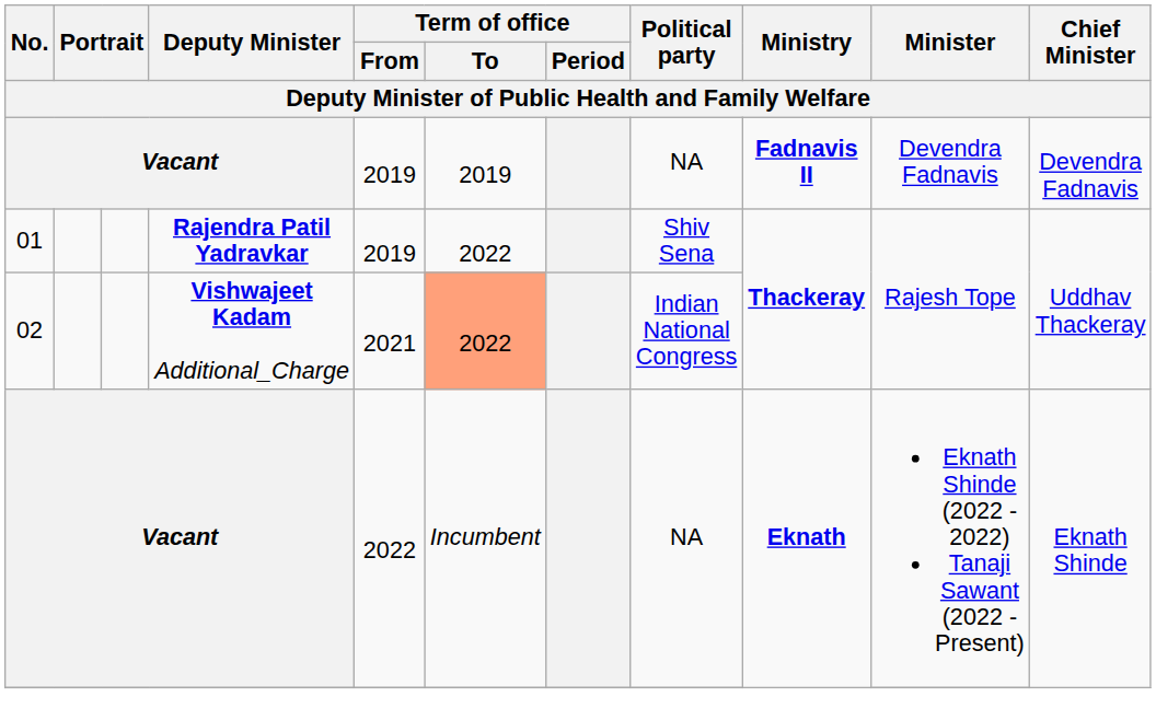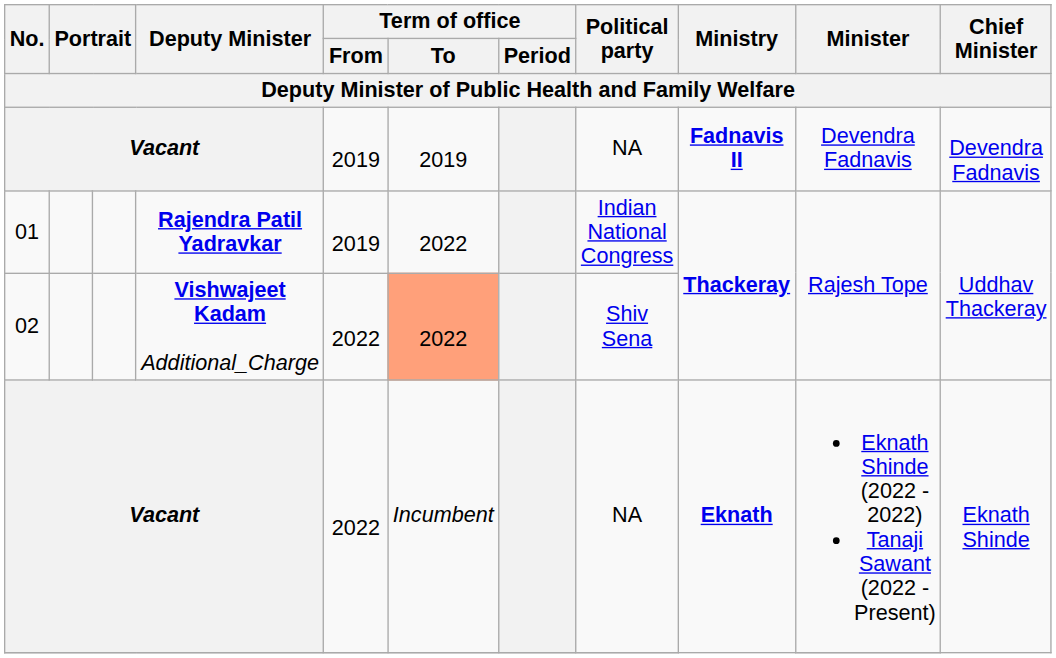 <table class="wikitable" style="text-align:center">
 <tr>
 <th rowspan="2">No.</th>
 <th rowspan="2" colspan="2">Portrait</th>
 <th rowspan="2" style="width:16em">Deputy Minister<br></th>
 <th colspan="3">Term of office</th>
 <th rowspan="2" style="width:8em">Political party</th>
 <th rowspan="2">Ministry</th>
 <th rowspan="2" style="width:9em">Minister</th>
 <th rowspan="2" style="width:9em">Chief Minister</th>
 </tr>
 <tr>
 <th style="width:6em">From</th>
 <th style="width:6em">To</th>
 <th>Period</th>
 </tr>
 <tr>
 <th colspan="11">Deputy Minister of Public Health and Family Welfare</th>
 </tr>
 <tr>
 <th colspan="04"><strong><em> Vacant</em></strong></th>
 <td><br>2019</td>
 <td><br>2019</td>
 <th></th>
 <td>NA</td>
 <td rowspan="1"><a href='#'><strong>Fadnavis II</strong></a></td>
 <td><a href='#'>Devendra Fadnavis</a></td>
 <td rowspan="1"> <br><a href='#'>Devendra Fadnavis</a></td>
 </tr>
 <tr>
 <td>01</td>
 <td style="color:inherit;background:"></td>
 <td></td>
 <td><strong><a href='#'>Rajendra Patil Yadravkar</a></strong> <br> </td>
 <td><br>2019</td>
 <td><br>2022</td>
 <th></th>
-<td><a href='#'>Shiv Sena</a></td>
+<td><a href='#'>Indian National Congress</a></td>
 <td rowspan="2"><a href='#'><strong>Thackeray</strong></a></td>
 <td rowspan="2"><a href='#'>Rajesh Tope</a></td>
 <td rowspan="2"> <br><a href='#'>Uddhav Thackeray</a></td>
 </tr>
 <tr>
 <td>02</td>
 <td style="color:inherit;background:"></td>
 <td></td>
 <td><strong><a href='#'>Vishwajeet Kadam</a></strong> <br> <br><em>Additional_Charge</em></td>
-<td><br>2021</td>
+<td><br>2022</td>
 <td style="background: lightsalmon;"><br>2022</td>
 <th></th>
-<td><a href='#'>Indian National Congress</a></td>
+<td><a href='#'>Shiv Sena</a></td>
 </tr>
 <tr>
 <th colspan="04"><strong><em>Vacant</em></strong></th>
 <td><br>2022</td>
 <td><em>Incumbent</em></td>
 <th></th>
 <td>NA</td>
 <td rowspan="2"><a href='#'><strong>Eknath</strong></a></td>
 <td><br><ul><li><a href='#'>Eknath Shinde</a><br>(2022 - 2022)</li><li><a href='#'>Tanaji Sawant</a><br> (2022 - Present)</li></ul></td>
 <td rowspan="2"> <br><a href='#'>Eknath Shinde</a></td>
 </tr>
 <tr>
 </tr>
 </table>
